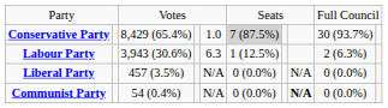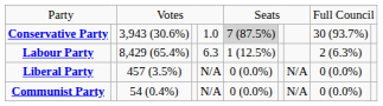 <table class=wikitable style="text-align:center;">
 <tr>
 <td colspan=2>Party</td>
 <td colspan=3>Votes</td>
 <td colspan=3>Seats</td>
 <td colspan=3>Full Council</td>
 </tr>
 <tr>
 <td><strong><a href='#'>Conservative Party</a></strong></td>
 <td style="background:"></td>
-<td>8,429 (65.4%)</td>
+<td>3,943 (30.6%)</td>
 <td></td>
 <td> 1.0</td>
 <td style="background: lightgrey;">7 (87.5%)</td>
 <td></td>
 <td></td>
 <td>30 (93.7%)</td>
 <td></td>
 </tr>
 <tr>
 <td><strong><a href='#'>Labour Party</a></strong></td>
 <td style="background:"></td>
-<td>3,943 (30.6%)</td>
+<td>8,429 (65.4%)</td>
 <td></td>
 <td> 6.3</td>
 <td>1 (12.5%)</td>
 <td></td>
 <td></td>
 <td>2 (6.3%)</td>
 <td></td>
 </tr>
 <tr>
 <td><strong><a href='#'>Liberal Party</a></strong></td>
 <td style="background:"></td>
 <td>457 (3.5%)</td>
 <td></td>
 <td>N/A</td>
 <td>0 (0.0%)</td>
 <td></td>
 <td>N/A</td>
 <td>0 (0.0%)</td>
 <td></td>
 </tr>
 <tr>
 <td><strong><a href='#'>Communist Party</a></strong></td>
 <td style="background:"></td>
 <td>54 (0.4%)</td>
 <td></td>
 <td>N/A</td>
 <td>0 (0.0%)</td>
 <td></td>
-<td><strong>N/A</strong></td>
+<td>N/A</td>
 <td>0 (0.0%)</td>
 <td></td>
 </tr>
 </table>
